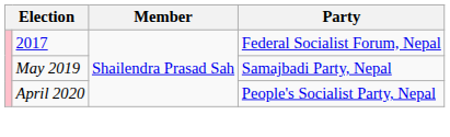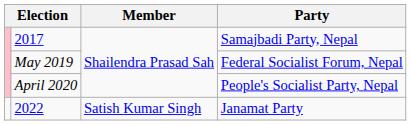 <table class="wikitable">
 <tr>
 <th colspan="2">Election</th>
 <th>Member</th>
 <th>Party</th>
 </tr>
 <tr>
 <td rowspan="3" style="background-color:pink"></td>
 <td><a href='#'>2017</a></td>
 <td rowspan="3"><a href='#'>Shailendra Prasad Sah</a></td>
-<td><a href='#'>Federal Socialist Forum, Nepal</a></td>
+<td><a href='#'>Samajbadi Party, Nepal</a></td>
 </tr>
 <tr>
 <td><em>May 2019</em></td>
-<td><a href='#'>Samajbadi Party, Nepal</a></td>
+<td><a href='#'>Federal Socialist Forum, Nepal</a></td>
 </tr>
 <tr>
 <td><em>April 2020</em></td>
 <td><a href='#'>People's Socialist Party, Nepal</a></td>
 </tr>
+<tr>
+<td style="background-color:"></td>
+<td><a href='#'>2022</a></td>
+<td><a href='#'>Satish Kumar Singh</a></td>
+<td><a href='#'>Janamat Party</a></td>
+</tr>
 </table>
